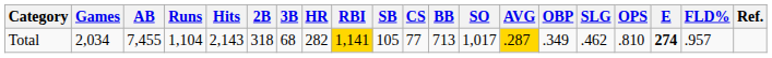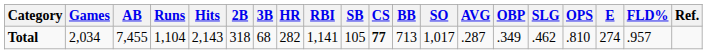 <table class="wikitable">
 <tr>
 <th>Category</th>
 <th><a href='#'>Games</a></th>
 <th><a href='#'>AB</a></th>
 <th><a href='#'>Runs</a></th>
 <th><a href='#'>Hits</a></th>
 <th><a href='#'>2B</a></th>
 <th><a href='#'>3B</a></th>
 <th><a href='#'>HR</a></th>
 <th><a href='#'>RBI</a></th>
 <th><a href='#'>SB</a></th>
 <th><a href='#'>CS</a></th>
 <th><a href='#'>BB</a></th>
 <th><a href='#'>SO</a></th>
 <th><a href='#'>AVG</a></th>
 <th><a href='#'>OBP</a></th>
 <th><a href='#'>SLG</a></th>
 <th><a href='#'>OPS</a></th>
 <th><a href='#'>E</a></th>
 <th><a href='#'>FLD%</a></th>
 <th>Ref.</th>
 </tr>
 <tr>
-<td>Total</td>
+<td><strong>Total</strong></td>
 <td>2,034</td>
 <td>7,455</td>
 <td>1,104</td>
 <td>2,143</td>
 <td>318</td>
 <td>68</td>
 <td>282</td>
-<td style="background: gold;">1,141</td>
+<td>1,141</td>
 <td>105</td>
-<td>77</td>
+<td><strong>77</strong></td>
 <td>713</td>
 <td>1,017</td>
-<td style="background: gold;">.287</td>
+<td>.287</td>
 <td>.349</td>
 <td>.462</td>
 <td>.810</td>
-<td><strong>274</strong></td>
+<td>274</td>
 <td>.957</td>
 <td></td>
 </tr>
 </table>
